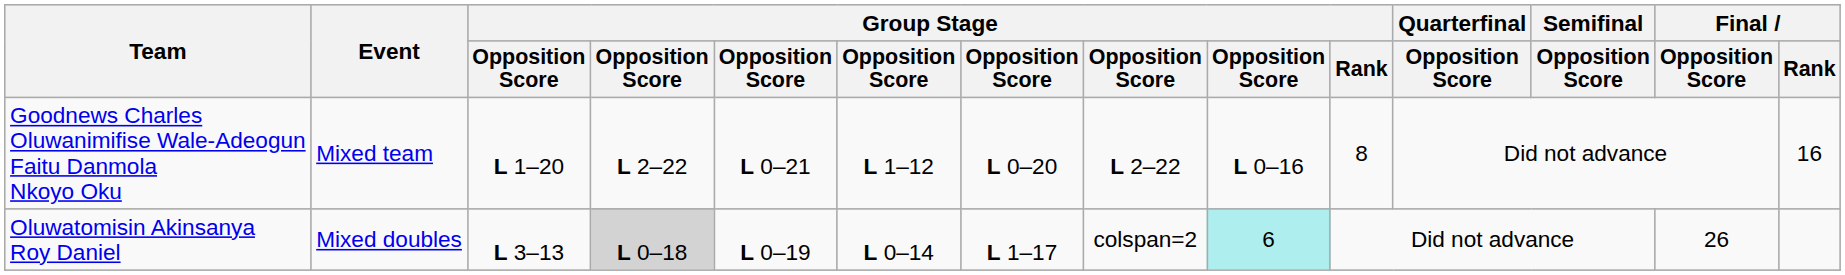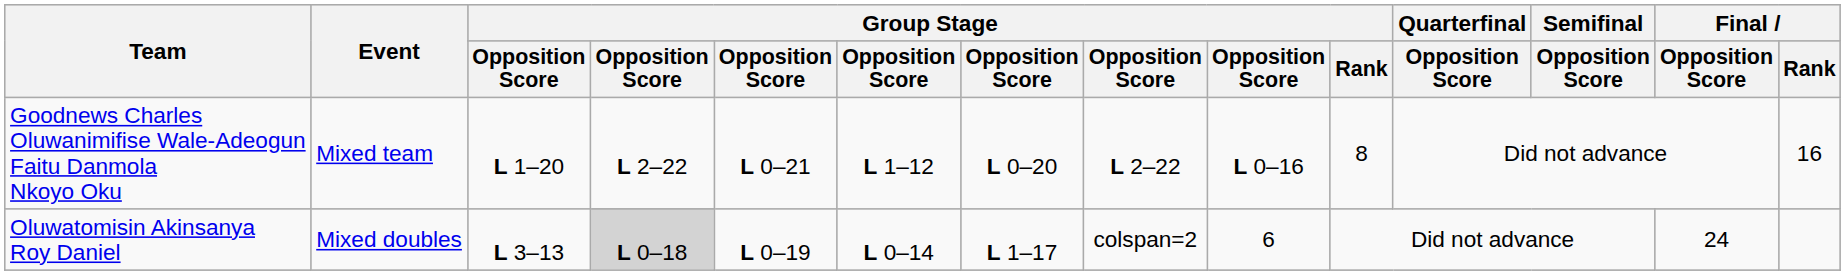 <table class="wikitable" style="font-size:90%">
 <tr>
 <th rowspan=2>Team</th>
 <th rowspan=2>Event</th>
 <th colspan=8>Group Stage</th>
 <th>Quarterfinal</th>
 <th>Semifinal</th>
 <th colspan=2>Final / </th>
 </tr>
 <tr style="font-size:95%">
 <th>Opposition <br> Score</th>
 <th>Opposition <br> Score</th>
 <th>Opposition <br> Score</th>
 <th>Opposition <br> Score</th>
 <th>Opposition <br> Score</th>
 <th>Opposition <br> Score</th>
 <th>Opposition <br> Score</th>
 <th>Rank</th>
 <th>Opposition <br> Score</th>
 <th>Opposition <br> Score</th>
 <th>Opposition <br> Score</th>
 <th>Rank</th>
 </tr>
 <tr align=center>
 <td align=left><a href='#'>Goodnews Charles</a><br><a href='#'>Oluwanimifise Wale-Adeogun</a><br><a href='#'>Faitu Danmola</a><br><a href='#'>Nkoyo Oku</a></td>
 <td align=left><a href='#'>Mixed team</a></td>
 <td><br><strong>L</strong> 1–20</td>
 <td><br><strong>L</strong> 2–22</td>
 <td><br><strong>L</strong> 0–21</td>
 <td><br><strong>L</strong> 1–12</td>
 <td><br><strong>L</strong> 0–20</td>
 <td><br><strong>L</strong> 2–22</td>
 <td><br><strong>L</strong> 0–16</td>
 <td>8</td>
 <td colspan=3>Did not advance</td>
 <td>16</td>
 </tr>
 <tr align=center>
 <td align=left><a href='#'>Oluwatomisin Akinsanya</a><br><a href='#'>Roy Daniel</a></td>
 <td align=left><a href='#'>Mixed doubles</a></td>
 <td><br><strong>L</strong> 3–13</td>
 <td style="background: lightgrey;"><br><strong>L</strong> 0–18</td>
 <td><br><strong>L</strong> 0–19</td>
 <td><br><strong>L</strong> 0–14</td>
 <td><br><strong>L</strong> 1–17</td>
 <td>colspan=2</td>
-<td style="background: paleturquoise;">6</td>
+<td>6</td>
 <td colspan=3>Did not advance</td>
-<td>26</td>
+<td>24</td>
 </tr>
 </table>
